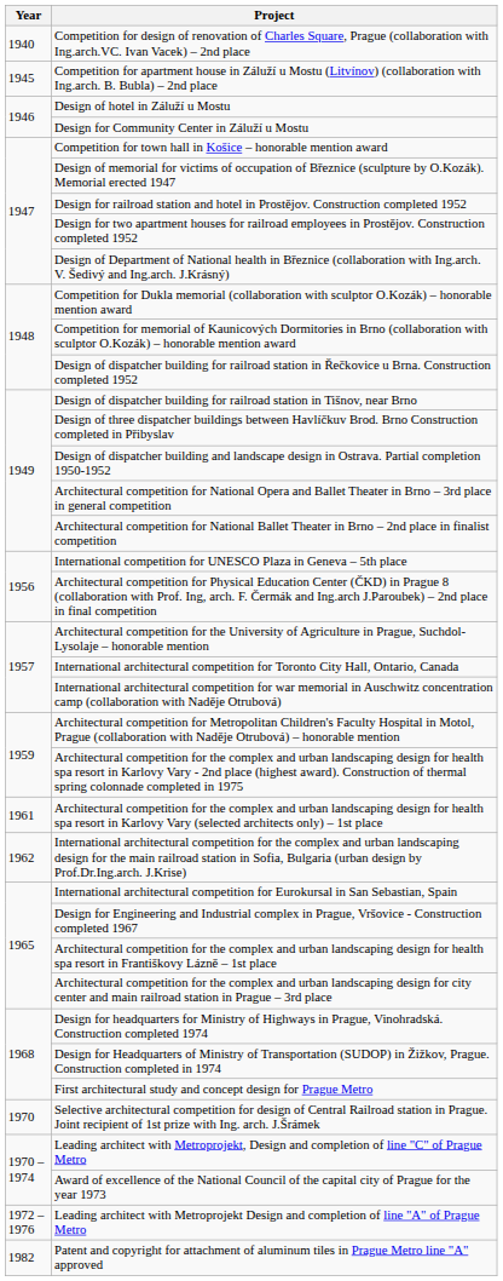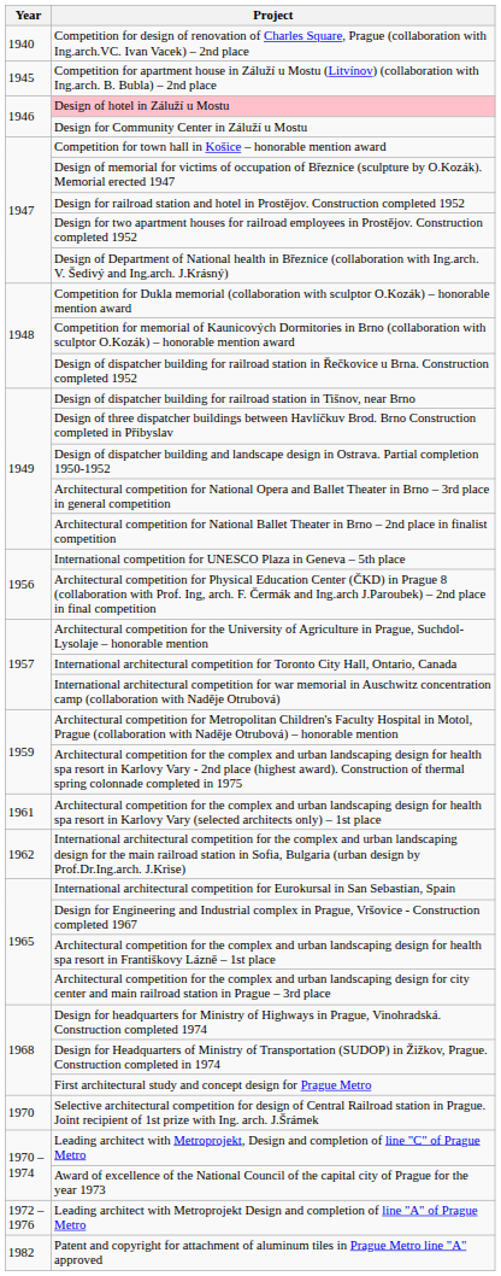 <table class="wikitable">
 <tr>
 <th>Year</th>
 <th>Project</th>
 </tr>
 <tr>
 <td>1940</td>
 <td>Competition for design of renovation of <a href='#'>Charles Square</a>, Prague  (collaboration with Ing.arch.VC. Ivan Vacek) – 2nd place</td>
 </tr>
 <tr>
 <td>1945</td>
 <td>Competition for apartment house in Záluží u Mostu (<a href='#'>Litvínov</a>) (collaboration with Ing.arch. B. Bubla) – 2nd place</td>
 </tr>
 <tr>
 <td rowspan=2>1946</td>
-<td>Design of hotel in Záluží u Mostu</td>
+<td style="background: pink;">Design of hotel in Záluží u Mostu</td>
 </tr>
 <tr>
 <td>Design for Community Center in Záluží u Mostu</td>
 </tr>
 <tr>
 <td rowspan=5>1947</td>
 <td>Competition for town hall in <a href='#'>Košice</a> – honorable mention award</td>
 </tr>
 <tr>
 <td>Design of memorial for victims of occupation of Březnice (sculpture by O.Kozák). Memorial erected 1947</td>
 </tr>
 <tr>
 <td>Design for railroad station and hotel in Prostějov. Construction completed 1952</td>
 </tr>
 <tr>
 <td>Design for two apartment houses for railroad employees in Prostějov. Construction completed 1952</td>
 </tr>
 <tr>
 <td>Design of Department of National health in Březnice (collaboration with Ing.arch. V. Šedivý and Ing.arch. J.Krásný)</td>
 </tr>
 <tr>
 <td rowspan=3>1948</td>
 <td>Competition for Dukla memorial (collaboration with sculptor O.Kozák) – honorable mention award</td>
 </tr>
 <tr>
 <td>Competition for memorial of Kaunicových Dormitories in Brno  (collaboration with sculptor O.Kozák) – honorable mention award</td>
 </tr>
 <tr>
 <td>Design of dispatcher building for railroad station in Řečkovice u Brna. Construction completed 1952</td>
 </tr>
 <tr>
 <td rowspan=5>1949</td>
 <td>Design of dispatcher building for railroad station in Tišnov, near Brno</td>
 </tr>
 <tr>
 <td>Design of three dispatcher buildings between Havlíčkuv Brod. Brno Construction completed in Přibyslav</td>
 </tr>
 <tr>
 <td>Design of dispatcher building and landscape design in Ostrava. Partial completion 1950-1952</td>
 </tr>
 <tr>
 <td>Architectural competition for National Opera and Ballet Theater in Brno – 3rd place in general competition</td>
 </tr>
 <tr>
 <td>Architectural competition for National Ballet Theater in Brno – 2nd place in finalist competition</td>
 </tr>
 <tr>
 <td rowspan=2>1956</td>
 <td>International competition for UNESCO Plaza in Geneva – 5th place</td>
 </tr>
 <tr>
 <td>Architectural competition for Physical Education Center (ČKD) in Prague 8 (collaboration with Prof. Ing, arch. F. Čermák and Ing.arch J.Paroubek) – 2nd place in final competition</td>
 </tr>
 <tr>
 <td rowspan=3>1957</td>
 <td>Architectural competition for the University of Agriculture in Prague, Suchdol-Lysolaje – honorable mention</td>
 </tr>
 <tr>
 <td>International architectural competition for Toronto City Hall, Ontario, Canada</td>
 </tr>
 <tr>
 <td>International architectural competition for war memorial in Auschwitz concentration camp (collaboration with Naděje Otrubová)</td>
 </tr>
 <tr>
 <td rowspan=2>1959</td>
 <td>Architectural competition for Metropolitan Children's Faculty Hospital in Motol, Prague (collaboration with Naděje Otrubová) – honorable mention</td>
 </tr>
 <tr>
 <td>Architectural competition for the complex and urban landscaping design for health spa resort in Karlovy Vary - 2nd place (highest award). Construction of thermal spring colonnade completed in 1975</td>
 </tr>
 <tr>
 <td>1961</td>
 <td>Architectural competition for the complex and urban landscaping design for health spa resort in Karlovy Vary (selected architects only) – 1st place</td>
 </tr>
 <tr>
 <td>1962</td>
 <td>International architectural competition for the complex and urban landscaping design for the main railroad station in Sofia, Bulgaria (urban design by Prof.Dr.Ing.arch. J.Krise)</td>
 </tr>
 <tr>
 <td rowspan=4>1965</td>
 <td>International architectural competition for Eurokursal in San Sebastian, Spain</td>
 </tr>
 <tr>
 <td>Design for Engineering and Industrial complex in Prague, Vršovice - Construction completed 1967</td>
 </tr>
 <tr>
 <td>Architectural competition for the complex and urban landscaping design for health spa resort in Františkovy Lázně – 1st place</td>
 </tr>
 <tr>
 <td>Architectural competition for the complex and urban landscaping design for city center and main railroad station in Prague – 3rd place</td>
 </tr>
 <tr>
 <td rowspan=3>1968</td>
 <td>Design for headquarters for Ministry of Highways in Prague, Vinohradská. Construction completed 1974</td>
 </tr>
 <tr>
 <td>Design for Headquarters of Ministry of Transportation (SUDOP) in Žižkov, Prague. Construction completed in 1974</td>
 </tr>
 <tr>
 <td>First architectural study and concept design for <a href='#'>Prague Metro</a></td>
 </tr>
 <tr>
 <td>1970</td>
 <td>Selective architectural competition for design of Central Railroad station in Prague. Joint recipient of 1st prize with Ing. arch. J.Šrámek</td>
 </tr>
 <tr>
 <td rowspan=2>1970 – 1974</td>
 <td>Leading architect with <a href='#'>Metroprojekt</a>, Design and completion of <a href='#'>line "C" of Prague Metro</a></td>
 </tr>
 <tr>
 <td>Award of excellence of the National Council of the capital city of Prague for the year 1973</td>
 </tr>
 <tr>
 <td>1972 – 1976</td>
 <td>Leading architect with Metroprojekt Design and completion of <a href='#'>line "A" of Prague Metro</a></td>
 </tr>
 <tr>
 <td>1982</td>
 <td>Patent and copyright for attachment of aluminum tiles in <a href='#'>Prague Metro line "A"</a> approved</td>
 </tr>
 </table>
